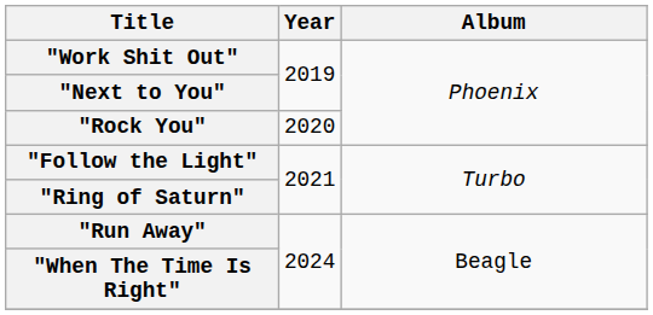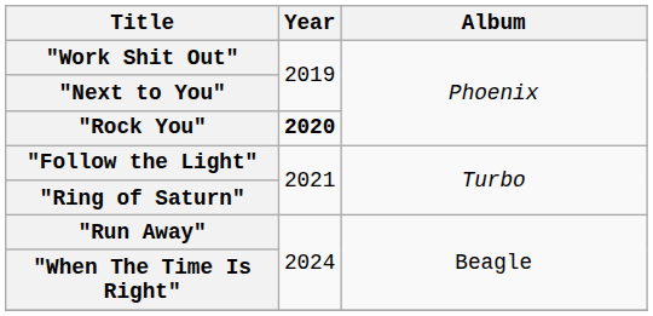 <table class="wikitable plainrowheaders" style="text-align:center;">
 <tr>
 <th scope="col" style="width:160px;">Title</th>
 <th scope="col" style="width:10px;">Year</th>
 <th scope="col" style="width:180px;">Album</th>
 </tr>
 <tr>
 <th scope="row">"Work Shit Out"</th>
 <td rowspan="2">2019</td>
 <td rowspan="3"><em>Phoenix</em></td>
 </tr>
 <tr>
 <th scope="row">"Next to You"</th>
 </tr>
 <tr>
 <th scope="row">"Rock You"</th>
-<td>2020</td>
+<td><strong>2020</strong></td>
 </tr>
 <tr>
 <th scope="row">"Follow the Light"<br> </th>
 <td rowspan=2>2021</td>
 <td rowspan=2><em>Turbo</em></td>
 </tr>
 <tr>
 <th scope="row">"Ring of Saturn"<br> </th>
 </tr>
 <tr>
 <th scope="row">"Run Away"</th>
 <td rowspan=2>2024</td>
 <td rowspan=2>Beagle</td>
 </tr>
 <tr>
 <th scope="row">"When The Time Is Right"</th>
 </tr>
 <tr>
 </tr>
 </table>
